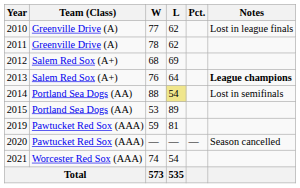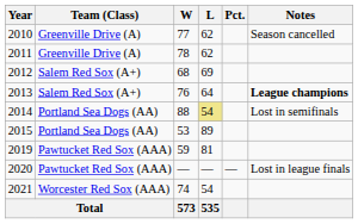 <table class="wikitable sortable">
 <tr>
 <th>Year</th>
 <th>Team (Class)</th>
 <th>W</th>
 <th>L</th>
 <th>Pct.</th>
 <th>Notes</th>
 </tr>
 <tr>
 <td>2010</td>
 <td><a href='#'>Greenville Drive</a> (A)</td>
 <td>77</td>
 <td>62</td>
 <td></td>
-<td>Lost in league finals</td>
+<td>Season cancelled</td>
 </tr>
 <tr>
 <td>2011</td>
 <td><a href='#'>Greenville Drive</a> (A)</td>
 <td>78</td>
 <td>62</td>
 <td></td>
 <td></td>
 </tr>
 <tr>
 <td>2012</td>
 <td><a href='#'>Salem Red Sox</a> (A+)</td>
 <td>68</td>
 <td>69</td>
 <td></td>
 <td></td>
 </tr>
 <tr>
 <td>2013</td>
 <td><a href='#'>Salem Red Sox</a> (A+)</td>
 <td>76</td>
 <td>64</td>
 <td></td>
 <td><strong>League champions</strong></td>
 </tr>
 <tr>
 <td>2014</td>
 <td><a href='#'>Portland Sea Dogs</a> (AA)</td>
 <td>88</td>
 <td style="background: khaki;">54</td>
 <td></td>
 <td>Lost in semifinals</td>
 </tr>
 <tr>
 <td>2015</td>
 <td><a href='#'>Portland Sea Dogs</a> (AA)</td>
 <td>53</td>
 <td>89</td>
 <td></td>
 <td></td>
 </tr>
 <tr>
 <td>2019</td>
 <td><a href='#'>Pawtucket Red Sox</a> (AAA)</td>
 <td>59</td>
 <td>81</td>
 <td></td>
 <td></td>
 </tr>
 <tr>
 <td>2020</td>
 <td><a href='#'>Pawtucket Red Sox</a> (AAA)</td>
 <td>—</td>
 <td>—</td>
 <td>—</td>
-<td>Season cancelled</td>
+<td>Lost in league finals</td>
 </tr>
 <tr>
 <td>2021</td>
 <td><a href='#'>Worcester Red Sox</a> (AAA)</td>
 <td>74</td>
 <td>54</td>
 <td></td>
 <td></td>
 </tr>
 <tr>
 <th colspan=2>Total</th>
 <th>573</th>
 <th>535</th>
 <th></th>
 <th></th>
 </tr>
 </table>
